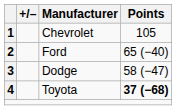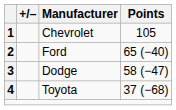 <table class="wikitable sortable">
 <tr>
 <th scope="col"></th>
 <th scope="col">+/–</th>
 <th scope="col">Manufacturer</th>
 <th scope="col">Points</th>
 </tr>
 <tr>
 <th scope="row"><strong>1</strong></th>
 <td align="left"></td>
 <td>Chevrolet</td>
 <td style="text-align:center;">105</td>
 </tr>
 <tr>
 <th scope="row"><strong>2</strong></th>
 <td align="left"></td>
 <td>Ford</td>
 <td style="text-align:center;">65 (−40)</td>
 </tr>
 <tr>
 <th scope="row"><strong>3</strong></th>
 <td align="left"></td>
 <td>Dodge</td>
 <td style="text-align:center;">58 (−47)</td>
 </tr>
 <tr>
 <th scope="row"><strong>4</strong></th>
 <td align="left"></td>
 <td>Toyota</td>
-<td style="text-align:center;"><strong>37 (−68)</strong></td>
+<td style="text-align:center;">37 (−68)</td>
 </tr>
 <tr class="sortbottom">
 <td colspan="9"></td>
 </tr>
 </table>
